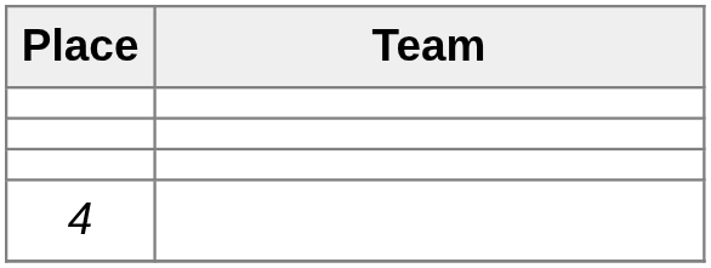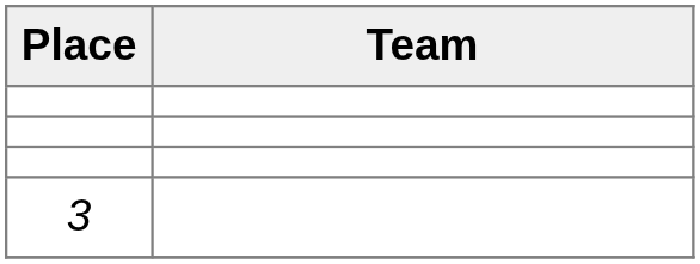 <table style=border-collapse:collapse border=1 cellspacing=0 cellpadding=5>
 <tr align=center bgcolor=#efefef>
 <th width=35>Place</th>
 <th width=185>Team</th>
 </tr>
 <tr align=center>
 <td></td>
 <td style="text-align:left;"></td>
 </tr>
 <tr align=center>
 <td></td>
 <td style="text-align:left;"></td>
 </tr>
 <tr align=center>
 <td></td>
 <td style="text-align:left;"></td>
 </tr>
 <tr align=center>
-<td><em>4</em></td>
+<td><em>3</em></td>
 <td style="text-align:left;"></td>
 </tr>
 <tr align=center>
 </tr>
 </table>
